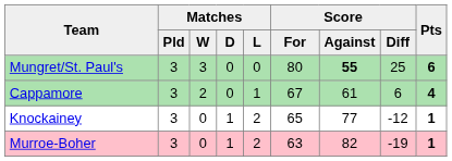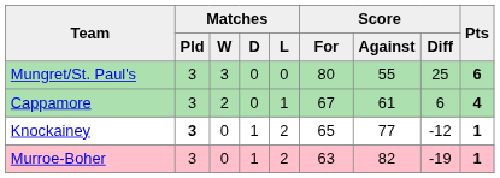 <table style=border-collapse:collapse border=1 cellspacing=0 cellpadding=5>
 <tr align=center bgcolor=#efefef>
 <th rowspan=2 width=165>Team</th>
 <th colspan=4>Matches</th>
 <th colspan=3>Score</th>
 <th rowspan=2width=20>Pts</th>
 </tr>
 <tr align=center bgcolor=#efefef>
 <th width=20>Pld</th>
 <th width=20>W</th>
 <th width=20>D</th>
 <th width=20>L</th>
 <th width=45>For</th>
 <th width=45>Against</th>
 <th width=30>Diff</th>
 </tr>
 <tr align=center style="background:#ACE1AF;">
 <td style="text-align:left;"><a href='#'>Mungret/St. Paul's</a></td>
 <td>3</td>
 <td>3</td>
 <td>0</td>
 <td>0</td>
 <td>80</td>
-<td><strong>55</strong></td>
+<td>55</td>
 <td>25</td>
 <td><strong>6</strong></td>
 </tr>
 <tr align=center style="background:#ACE1AF;">
 <td style="text-align:left;"><a href='#'>Cappamore</a></td>
 <td>3</td>
 <td>2</td>
 <td>0</td>
 <td>1</td>
 <td>67</td>
 <td>61</td>
 <td>6</td>
 <td><strong>4</strong></td>
 </tr>
 <tr align=center>
 <td style="text-align:left;"><a href='#'>Knockainey</a></td>
-<td>3</td>
+<td><strong>3</strong></td>
 <td>0</td>
 <td>1</td>
 <td>2</td>
 <td>65</td>
 <td>77</td>
 <td>-12</td>
 <td><strong>1</strong></td>
 </tr>
 <tr align=center style="background:#FFC0CB;">
 <td style="text-align:left;"><a href='#'>Murroe-Boher</a></td>
 <td>3</td>
 <td>0</td>
 <td>1</td>
 <td>2</td>
 <td>63</td>
 <td>82</td>
 <td>-19</td>
 <td><strong>1</strong></td>
 </tr>
 </table>
